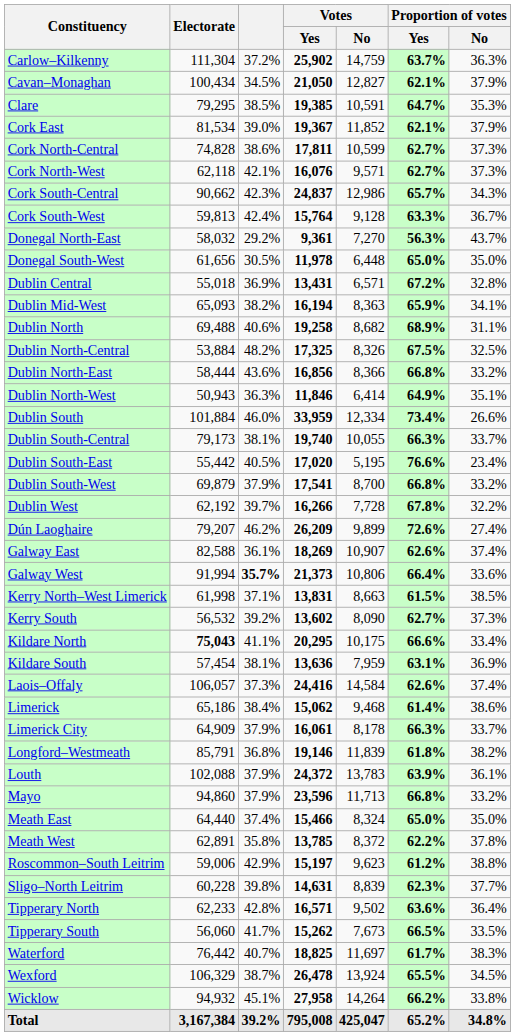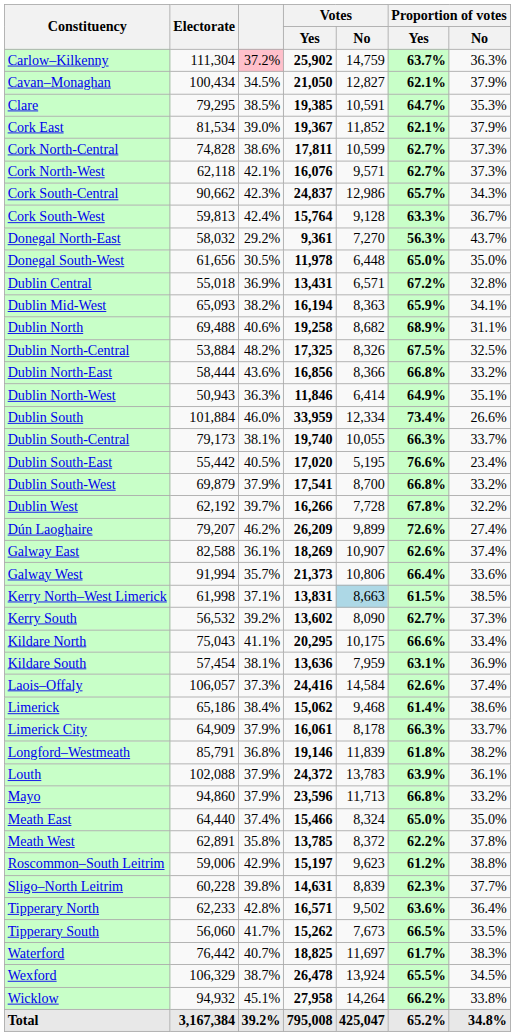 <table class="wikitable sortable">
 <tr>
 <th rowspan=2>Constituency</th>
 <th rowspan=2>Electorate</th>
 <th rowspan=2></th>
 <th colspan=2>Votes</th>
 <th colspan=2>Proportion of votes</th>
 </tr>
 <tr>
 <th>Yes</th>
 <th>No</th>
 <th>Yes</th>
 <th>No</th>
 </tr>
 <tr>
 <td style="background:#c8ffc8;"><a href='#'>Carlow–Kilkenny</a></td>
 <td style="text-align: right;">111,304</td>
-<td style="text-align: right;">37.2%</td>
+<td style="background: pink; text-align: right;">37.2%</td>
 <td style="text-align: right;"><strong>25,902</strong></td>
 <td style="text-align: right;">14,759</td>
 <td style="text-align: right; background:#c8ffc8;"><strong>63.7%</strong></td>
 <td style="text-align: right;">36.3%</td>
 </tr>
 <tr>
 <td style="background:#c8ffc8;"><a href='#'>Cavan–Monaghan</a></td>
 <td style="text-align: right;">100,434</td>
 <td style="text-align: right;">34.5%</td>
 <td style="text-align: right;"><strong>21,050</strong></td>
 <td style="text-align: right;">12,827</td>
 <td style="text-align: right; background:#c8ffc8;"><strong>62.1%</strong></td>
 <td style="text-align: right;">37.9%</td>
 </tr>
 <tr>
 <td style="background:#c8ffc8;"><a href='#'>Clare</a></td>
 <td style="text-align: right;">79,295</td>
 <td style="text-align: right;">38.5%</td>
 <td style="text-align: right;"><strong>19,385</strong></td>
 <td style="text-align: right;">10,591</td>
 <td style="text-align: right; background:#c8ffc8;"><strong>64.7%</strong></td>
 <td style="text-align: right;">35.3%</td>
 </tr>
 <tr>
 <td style="background:#c8ffc8;"><a href='#'>Cork East</a></td>
 <td style="text-align: right;">81,534</td>
 <td style="text-align: right;">39.0%</td>
 <td style="text-align: right;"><strong>19,367</strong></td>
 <td style="text-align: right;">11,852</td>
 <td style="text-align: right; background:#c8ffc8;"><strong>62.1%</strong></td>
 <td style="text-align: right;">37.9%</td>
 </tr>
 <tr>
 <td style="background:#c8ffc8;"><a href='#'>Cork North-Central</a></td>
 <td style="text-align: right;">74,828</td>
 <td style="text-align: right;">38.6%</td>
 <td style="text-align: right;"><strong>17,811</strong></td>
 <td style="text-align: right;">10,599</td>
 <td style="text-align: right; background:#c8ffc8;"><strong>62.7%</strong></td>
 <td style="text-align: right;">37.3%</td>
 </tr>
 <tr>
 <td style="background:#c8ffc8;"><a href='#'>Cork North-West</a></td>
 <td style="text-align: right;">62,118</td>
 <td style="text-align: right;">42.1%</td>
 <td style="text-align: right;"><strong>16,076</strong></td>
 <td style="text-align: right;">9,571</td>
 <td style="text-align: right; background:#c8ffc8;"><strong>62.7%</strong></td>
 <td style="text-align: right;">37.3%</td>
 </tr>
 <tr>
 <td style="background:#c8ffc8;"><a href='#'>Cork South-Central</a></td>
 <td style="text-align: right;">90,662</td>
 <td style="text-align: right;">42.3%</td>
 <td style="text-align: right;"><strong>24,837</strong></td>
 <td style="text-align: right;">12,986</td>
 <td style="text-align: right; background:#c8ffc8;"><strong>65.7%</strong></td>
 <td style="text-align: right;">34.3%</td>
 </tr>
 <tr>
 <td style="background:#c8ffc8;"><a href='#'>Cork South-West</a></td>
 <td style="text-align: right;">59,813</td>
 <td style="text-align: right;">42.4%</td>
 <td style="text-align: right;"><strong>15,764</strong></td>
 <td style="text-align: right;">9,128</td>
 <td style="text-align: right; background:#c8ffc8;"><strong>63.3%</strong></td>
 <td style="text-align: right;">36.7%</td>
 </tr>
 <tr>
 <td style="background:#c8ffc8;"><a href='#'>Donegal North-East</a></td>
 <td style="text-align: right;">58,032</td>
 <td style="text-align: right;">29.2%</td>
 <td style="text-align: right;"><strong>9,361</strong></td>
 <td style="text-align: right;">7,270</td>
 <td style="text-align: right; background:#c8ffc8;"><strong>56.3%</strong></td>
 <td style="text-align: right;">43.7%</td>
 </tr>
 <tr>
 <td style="background:#c8ffc8;"><a href='#'>Donegal South-West</a></td>
 <td style="text-align: right;">61,656</td>
 <td style="text-align: right;">30.5%</td>
 <td style="text-align: right;"><strong>11,978</strong></td>
 <td style="text-align: right;">6,448</td>
 <td style="text-align: right; background:#c8ffc8;"><strong>65.0%</strong></td>
 <td style="text-align: right;">35.0%</td>
 </tr>
 <tr>
 <td style="background:#c8ffc8;"><a href='#'>Dublin Central</a></td>
 <td style="text-align: right;">55,018</td>
 <td style="text-align: right;">36.9%</td>
 <td style="text-align: right;"><strong>13,431</strong></td>
 <td style="text-align: right;">6,571</td>
 <td style="text-align: right; background:#c8ffc8;"><strong>67.2%</strong></td>
 <td style="text-align: right;">32.8%</td>
 </tr>
 <tr>
 <td style="background:#c8ffc8;"><a href='#'>Dublin Mid-West</a></td>
 <td style="text-align: right;">65,093</td>
 <td style="text-align: right;">38.2%</td>
 <td style="text-align: right;"><strong>16,194</strong></td>
 <td style="text-align: right;">8,363</td>
 <td style="text-align: right; background:#c8ffc8;"><strong>65.9%</strong></td>
 <td style="text-align: right;">34.1%</td>
 </tr>
 <tr>
 <td style="background:#c8ffc8;"><a href='#'>Dublin North</a></td>
 <td style="text-align: right;">69,488</td>
 <td style="text-align: right;">40.6%</td>
 <td style="text-align: right;"><strong>19,258</strong></td>
 <td style="text-align: right;">8,682</td>
 <td style="text-align: right; background:#c8ffc8;"><strong>68.9%</strong></td>
 <td style="text-align: right;">31.1%</td>
 </tr>
 <tr>
 <td style="background:#c8ffc8;"><a href='#'>Dublin North-Central</a></td>
 <td style="text-align: right;">53,884</td>
 <td style="text-align: right;">48.2%</td>
 <td style="text-align: right;"><strong>17,325</strong></td>
 <td style="text-align: right;">8,326</td>
 <td style="text-align: right; background:#c8ffc8;"><strong>67.5%</strong></td>
 <td style="text-align: right;">32.5%</td>
 </tr>
 <tr>
 <td style="background:#c8ffc8;"><a href='#'>Dublin North-East</a></td>
 <td style="text-align: right;">58,444</td>
 <td style="text-align: right;">43.6%</td>
 <td style="text-align: right;"><strong>16,856</strong></td>
 <td style="text-align: right;">8,366</td>
 <td style="text-align: right; background:#c8ffc8;"><strong>66.8%</strong></td>
 <td style="text-align: right;">33.2%</td>
 </tr>
 <tr>
 <td style="background:#c8ffc8;"><a href='#'>Dublin North-West</a></td>
 <td style="text-align: right;">50,943</td>
 <td style="text-align: right;">36.3%</td>
 <td style="text-align: right;"><strong>11,846</strong></td>
 <td style="text-align: right;">6,414</td>
 <td style="text-align: right; background:#c8ffc8;"><strong>64.9%</strong></td>
 <td style="text-align: right;">35.1%</td>
 </tr>
 <tr>
 <td style="background:#c8ffc8;"><a href='#'>Dublin South</a></td>
 <td style="text-align: right;">101,884</td>
 <td style="text-align: right;">46.0%</td>
 <td style="text-align: right;"><strong>33,959</strong></td>
 <td style="text-align: right;">12,334</td>
 <td style="text-align: right; background:#c8ffc8;"><strong>73.4%</strong></td>
 <td style="text-align: right;">26.6%</td>
 </tr>
 <tr>
 <td style="background:#c8ffc8;"><a href='#'>Dublin South-Central</a></td>
 <td style="text-align: right;">79,173</td>
 <td style="text-align: right;">38.1%</td>
 <td style="text-align: right;"><strong>19,740</strong></td>
 <td style="text-align: right;">10,055</td>
 <td style="text-align: right; background:#c8ffc8;"><strong>66.3%</strong></td>
 <td style="text-align: right;">33.7%</td>
 </tr>
 <tr>
 <td style="background:#c8ffc8;"><a href='#'>Dublin South-East</a></td>
 <td style="text-align: right;">55,442</td>
 <td style="text-align: right;">40.5%</td>
 <td style="text-align: right;"><strong>17,020</strong></td>
 <td style="text-align: right;">5,195</td>
 <td style="text-align: right; background:#c8ffc8;"><strong>76.6%</strong></td>
 <td style="text-align: right;">23.4%</td>
 </tr>
 <tr>
 <td style="background:#c8ffc8;"><a href='#'>Dublin South-West</a></td>
 <td style="text-align: right;">69,879</td>
 <td style="text-align: right;">37.9%</td>
 <td style="text-align: right;"><strong>17,541</strong></td>
 <td style="text-align: right;">8,700</td>
 <td style="text-align: right; background:#c8ffc8;"><strong>66.8%</strong></td>
 <td style="text-align: right;">33.2%</td>
 </tr>
 <tr>
 <td style="background:#c8ffc8;"><a href='#'>Dublin West</a></td>
 <td style="text-align: right;">62,192</td>
 <td style="text-align: right;">39.7%</td>
 <td style="text-align: right;"><strong>16,266</strong></td>
 <td style="text-align: right;">7,728</td>
 <td style="text-align: right; background:#c8ffc8;"><strong>67.8%</strong></td>
 <td style="text-align: right;">32.2%</td>
 </tr>
 <tr>
 <td style="background:#c8ffc8;"><a href='#'>Dún Laoghaire</a></td>
 <td style="text-align: right;">79,207</td>
 <td style="text-align: right;">46.2%</td>
 <td style="text-align: right;"><strong>26,209</strong></td>
 <td style="text-align: right;">9,899</td>
 <td style="text-align: right; background:#c8ffc8;"><strong>72.6%</strong></td>
 <td style="text-align: right;">27.4%</td>
 </tr>
 <tr>
 <td style="background:#c8ffc8;"><a href='#'>Galway East</a></td>
 <td style="text-align: right;">82,588</td>
 <td style="text-align: right;">36.1%</td>
 <td style="text-align: right;"><strong>18,269</strong></td>
 <td style="text-align: right;">10,907</td>
 <td style="text-align: right; background:#c8ffc8;"><strong>62.6%</strong></td>
 <td style="text-align: right;">37.4%</td>
 </tr>
 <tr>
 <td style="background:#c8ffc8;"><a href='#'>Galway West</a></td>
 <td style="text-align: right;">91,994</td>
-<td style="text-align: right;"><strong>35.7%</strong></td>
+<td style="text-align: right;">35.7%</td>
 <td style="text-align: right;"><strong>21,373</strong></td>
 <td style="text-align: right;">10,806</td>
 <td style="text-align: right; background:#c8ffc8;"><strong>66.4%</strong></td>
 <td style="text-align: right;">33.6%</td>
 </tr>
 <tr>
 <td style="background:#c8ffc8;"><a href='#'>Kerry North–West Limerick</a></td>
 <td style="text-align: right;">61,998</td>
 <td style="text-align: right;">37.1%</td>
 <td style="text-align: right;"><strong>13,831</strong></td>
-<td style="text-align: right;">8,663</td>
+<td style="background: lightblue; text-align: right;">8,663</td>
 <td style="text-align: right; background:#c8ffc8;"><strong>61.5%</strong></td>
 <td style="text-align: right;">38.5%</td>
 </tr>
 <tr>
 <td style="background:#c8ffc8;"><a href='#'>Kerry South</a></td>
 <td style="text-align: right;">56,532</td>
 <td style="text-align: right;">39.2%</td>
 <td style="text-align: right;"><strong>13,602</strong></td>
 <td style="text-align: right;">8,090</td>
 <td style="text-align: right; background:#c8ffc8;"><strong>62.7%</strong></td>
 <td style="text-align: right;">37.3%</td>
 </tr>
 <tr>
 <td style="background:#c8ffc8;"><a href='#'>Kildare North</a></td>
-<td style="text-align: right;"><strong>75,043</strong></td>
+<td style="text-align: right;">75,043</td>
 <td style="text-align: right;">41.1%</td>
 <td style="text-align: right;"><strong>20,295</strong></td>
 <td style="text-align: right;">10,175</td>
 <td style="text-align: right; background:#c8ffc8;"><strong>66.6%</strong></td>
 <td style="text-align: right;">33.4%</td>
 </tr>
 <tr>
 <td style="background:#c8ffc8;"><a href='#'>Kildare South</a></td>
 <td style="text-align: right;">57,454</td>
 <td style="text-align: right;">38.1%</td>
 <td style="text-align: right;"><strong>13,636 </strong></td>
 <td style="text-align: right;">7,959</td>
 <td style="text-align: right; background:#c8ffc8;"><strong>63.1%</strong></td>
 <td style="text-align: right;">36.9%</td>
 </tr>
 <tr>
 <td style="background:#c8ffc8;"><a href='#'>Laois–Offaly</a></td>
 <td style="text-align: right;">106,057</td>
 <td style="text-align: right;">37.3%</td>
 <td style="text-align: right;"><strong>24,416</strong></td>
 <td style="text-align: right;">14,584</td>
 <td style="text-align: right; background:#c8ffc8;"><strong>62.6%</strong></td>
 <td style="text-align: right;">37.4%</td>
 </tr>
 <tr>
 <td style="background:#c8ffc8;"><a href='#'>Limerick</a></td>
 <td style="text-align: right;">65,186</td>
 <td style="text-align: right;">38.4%</td>
 <td style="text-align: right;"><strong>15,062</strong></td>
 <td style="text-align: right;">9,468</td>
 <td style="text-align: right; background:#c8ffc8;"><strong>61.4%</strong></td>
 <td style="text-align: right;">38.6%</td>
 </tr>
 <tr>
 <td style="background:#c8ffc8;"><a href='#'>Limerick City</a></td>
 <td style="text-align: right;">64,909</td>
 <td style="text-align: right;">37.9%</td>
 <td style="text-align: right;"><strong>16,061</strong></td>
 <td style="text-align: right;">8,178</td>
 <td style="text-align: right; background:#c8ffc8;"><strong>66.3%</strong></td>
 <td style="text-align: right;">33.7%</td>
 </tr>
 <tr>
 <td style="background:#c8ffc8;"><a href='#'>Longford–Westmeath</a></td>
 <td style="text-align: right;">85,791</td>
 <td style="text-align: right;">36.8%</td>
 <td style="text-align: right;"><strong>19,146</strong></td>
 <td style="text-align: right;">11,839</td>
 <td style="text-align: right; background:#c8ffc8;"><strong>61.8%</strong></td>
 <td style="text-align: right;">38.2%</td>
 </tr>
 <tr>
 <td style="background:#c8ffc8;"><a href='#'>Louth</a></td>
 <td style="text-align: right;">102,088</td>
 <td style="text-align: right;">37.9%</td>
 <td style="text-align: right;"><strong>24,372</strong></td>
 <td style="text-align: right;">13,783</td>
 <td style="text-align: right; background:#c8ffc8;"><strong>63.9%</strong></td>
 <td style="text-align: right;">36.1%</td>
 </tr>
 <tr>
 <td style="background:#c8ffc8;"><a href='#'>Mayo</a></td>
 <td style="text-align: right;">94,860</td>
 <td style="text-align: right;">37.9%</td>
 <td style="text-align: right;"><strong>23,596</strong></td>
 <td style="text-align: right;">11,713</td>
 <td style="text-align: right; background:#c8ffc8;"><strong>66.8%</strong></td>
 <td style="text-align: right;">33.2%</td>
 </tr>
 <tr>
 <td style="background:#c8ffc8;"><a href='#'>Meath East</a></td>
 <td style="text-align: right;">64,440</td>
 <td style="text-align: right;">37.4%</td>
 <td style="text-align: right;"><strong>15,466</strong></td>
 <td style="text-align: right;">8,324</td>
 <td style="text-align: right; background:#c8ffc8;"><strong>65.0%</strong></td>
 <td style="text-align: right;">35.0%</td>
 </tr>
 <tr>
 <td style="background:#c8ffc8;"><a href='#'>Meath West</a></td>
 <td style="text-align: right;">62,891</td>
 <td style="text-align: right;">35.8%</td>
 <td style="text-align: right;"><strong>13,785</strong></td>
 <td style="text-align: right;">8,372</td>
 <td style="text-align: right; background:#c8ffc8;"><strong>62.2%</strong></td>
 <td style="text-align: right;">37.8%</td>
 </tr>
 <tr>
 <td style="background:#c8ffc8;"><a href='#'>Roscommon–South Leitrim</a></td>
 <td style="text-align: right;">59,006</td>
 <td style="text-align: right;">42.9%</td>
 <td style="text-align: right;"><strong>15,197</strong></td>
 <td style="text-align: right;">9,623</td>
 <td style="text-align: right; background:#c8ffc8;"><strong>61.2%</strong></td>
 <td style="text-align: right;">38.8%</td>
 </tr>
 <tr>
 <td style="background:#c8ffc8;"><a href='#'>Sligo–North Leitrim</a></td>
 <td style="text-align: right;">60,228</td>
 <td style="text-align: right;">39.8%</td>
 <td style="text-align: right;"><strong>14,631</strong></td>
 <td style="text-align: right;">8,839</td>
 <td style="text-align: right; background:#c8ffc8;"><strong>62.3%</strong></td>
 <td style="text-align: right;">37.7%</td>
 </tr>
 <tr>
 <td style="background:#c8ffc8;"><a href='#'>Tipperary North</a></td>
 <td style="text-align: right;">62,233</td>
 <td style="text-align: right;">42.8%</td>
 <td style="text-align: right;"><strong>16,571</strong></td>
 <td style="text-align: right;">9,502</td>
 <td style="text-align: right; background:#c8ffc8;"><strong>63.6%</strong></td>
 <td style="text-align: right;">36.4%</td>
 </tr>
 <tr>
 <td style="background:#c8ffc8;"><a href='#'>Tipperary South</a></td>
 <td style="text-align: right;">56,060</td>
 <td style="text-align: right;">41.7%</td>
 <td style="text-align: right;"><strong>15,262</strong></td>
 <td style="text-align: right;">7,673</td>
 <td style="text-align: right; background:#c8ffc8;"><strong>66.5%</strong></td>
 <td style="text-align: right;">33.5%</td>
 </tr>
 <tr>
 <td style="background:#c8ffc8;"><a href='#'>Waterford</a></td>
 <td style="text-align: right;">76,442</td>
 <td style="text-align: right;">40.7%</td>
 <td style="text-align: right;"><strong>18,825</strong></td>
 <td style="text-align: right;">11,697</td>
 <td style="text-align: right; background:#c8ffc8;"><strong>61.7%</strong></td>
 <td style="text-align: right;">38.3%</td>
 </tr>
 <tr>
 <td style="background:#c8ffc8;"><a href='#'>Wexford</a></td>
 <td style="text-align: right;">106,329</td>
 <td style="text-align: right;">38.7%</td>
 <td style="text-align: right;"><strong>26,478</strong></td>
 <td style="text-align: right;">13,924</td>
 <td style="text-align: right; background:#c8ffc8;"><strong>65.5%</strong></td>
 <td style="text-align: right;">34.5%</td>
 </tr>
 <tr>
 <td style="background:#c8ffc8;"><a href='#'>Wicklow</a></td>
 <td style="text-align: right;">94,932</td>
 <td style="text-align: right;">45.1%</td>
 <td style="text-align: right;"><strong>27,958</strong></td>
 <td style="text-align: right;">14,264</td>
 <td style="text-align: right; background:#c8ffc8;"><strong>66.2%</strong></td>
 <td style="text-align: right;">33.8%</td>
 </tr>
 <tr class="sortbottom" style="font-weight:bold; background:rgb(232,232,232);">
 <td>Total</td>
 <td style="text-align: right;">3,167,384</td>
 <td style="text-align: right;">39.2%</td>
 <td style="text-align: right;">795,008</td>
 <td style="text-align: right;">425,047</td>
 <td style="text-align: right;">65.2%</td>
 <td style="text-align: right;">34.8%</td>
 </tr>
 </table>
